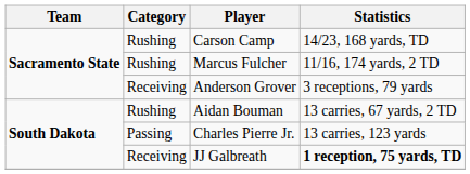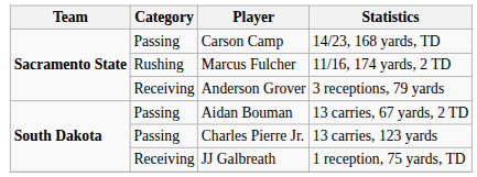 <table class="wikitable" style="float: right;">
 <tr>
 <th>Team</th>
 <th>Category</th>
 <th>Player</th>
 <th>Statistics</th>
 </tr>
 <tr>
 <td rowspan=3><strong>Sacramento State</strong></td>
-<td>Rushing</td>
+<td>Passing</td>
 <td>Carson Camp</td>
 <td>14/23, 168 yards, TD</td>
 </tr>
 <tr>
 <td>Rushing</td>
 <td>Marcus Fulcher</td>
 <td>11/16, 174 yards, 2 TD</td>
 </tr>
 <tr>
 <td>Receiving</td>
 <td>Anderson Grover</td>
 <td>3 receptions, 79 yards</td>
 </tr>
 <tr>
 <td rowspan=3><strong>South Dakota</strong></td>
-<td>Rushing</td>
+<td>Passing</td>
 <td>Aidan Bouman</td>
 <td>13 carries, 67 yards, 2 TD</td>
 </tr>
 <tr>
 <td>Passing</td>
 <td>Charles Pierre Jr.</td>
 <td>13 carries, 123 yards</td>
 </tr>
 <tr>
 <td>Receiving</td>
 <td>JJ Galbreath</td>
-<td><strong>1 reception, 75 yards, TD</strong></td>
+<td>1 reception, 75 yards, TD</td>
 </tr>
 <tr>
 </tr>
 </table>
